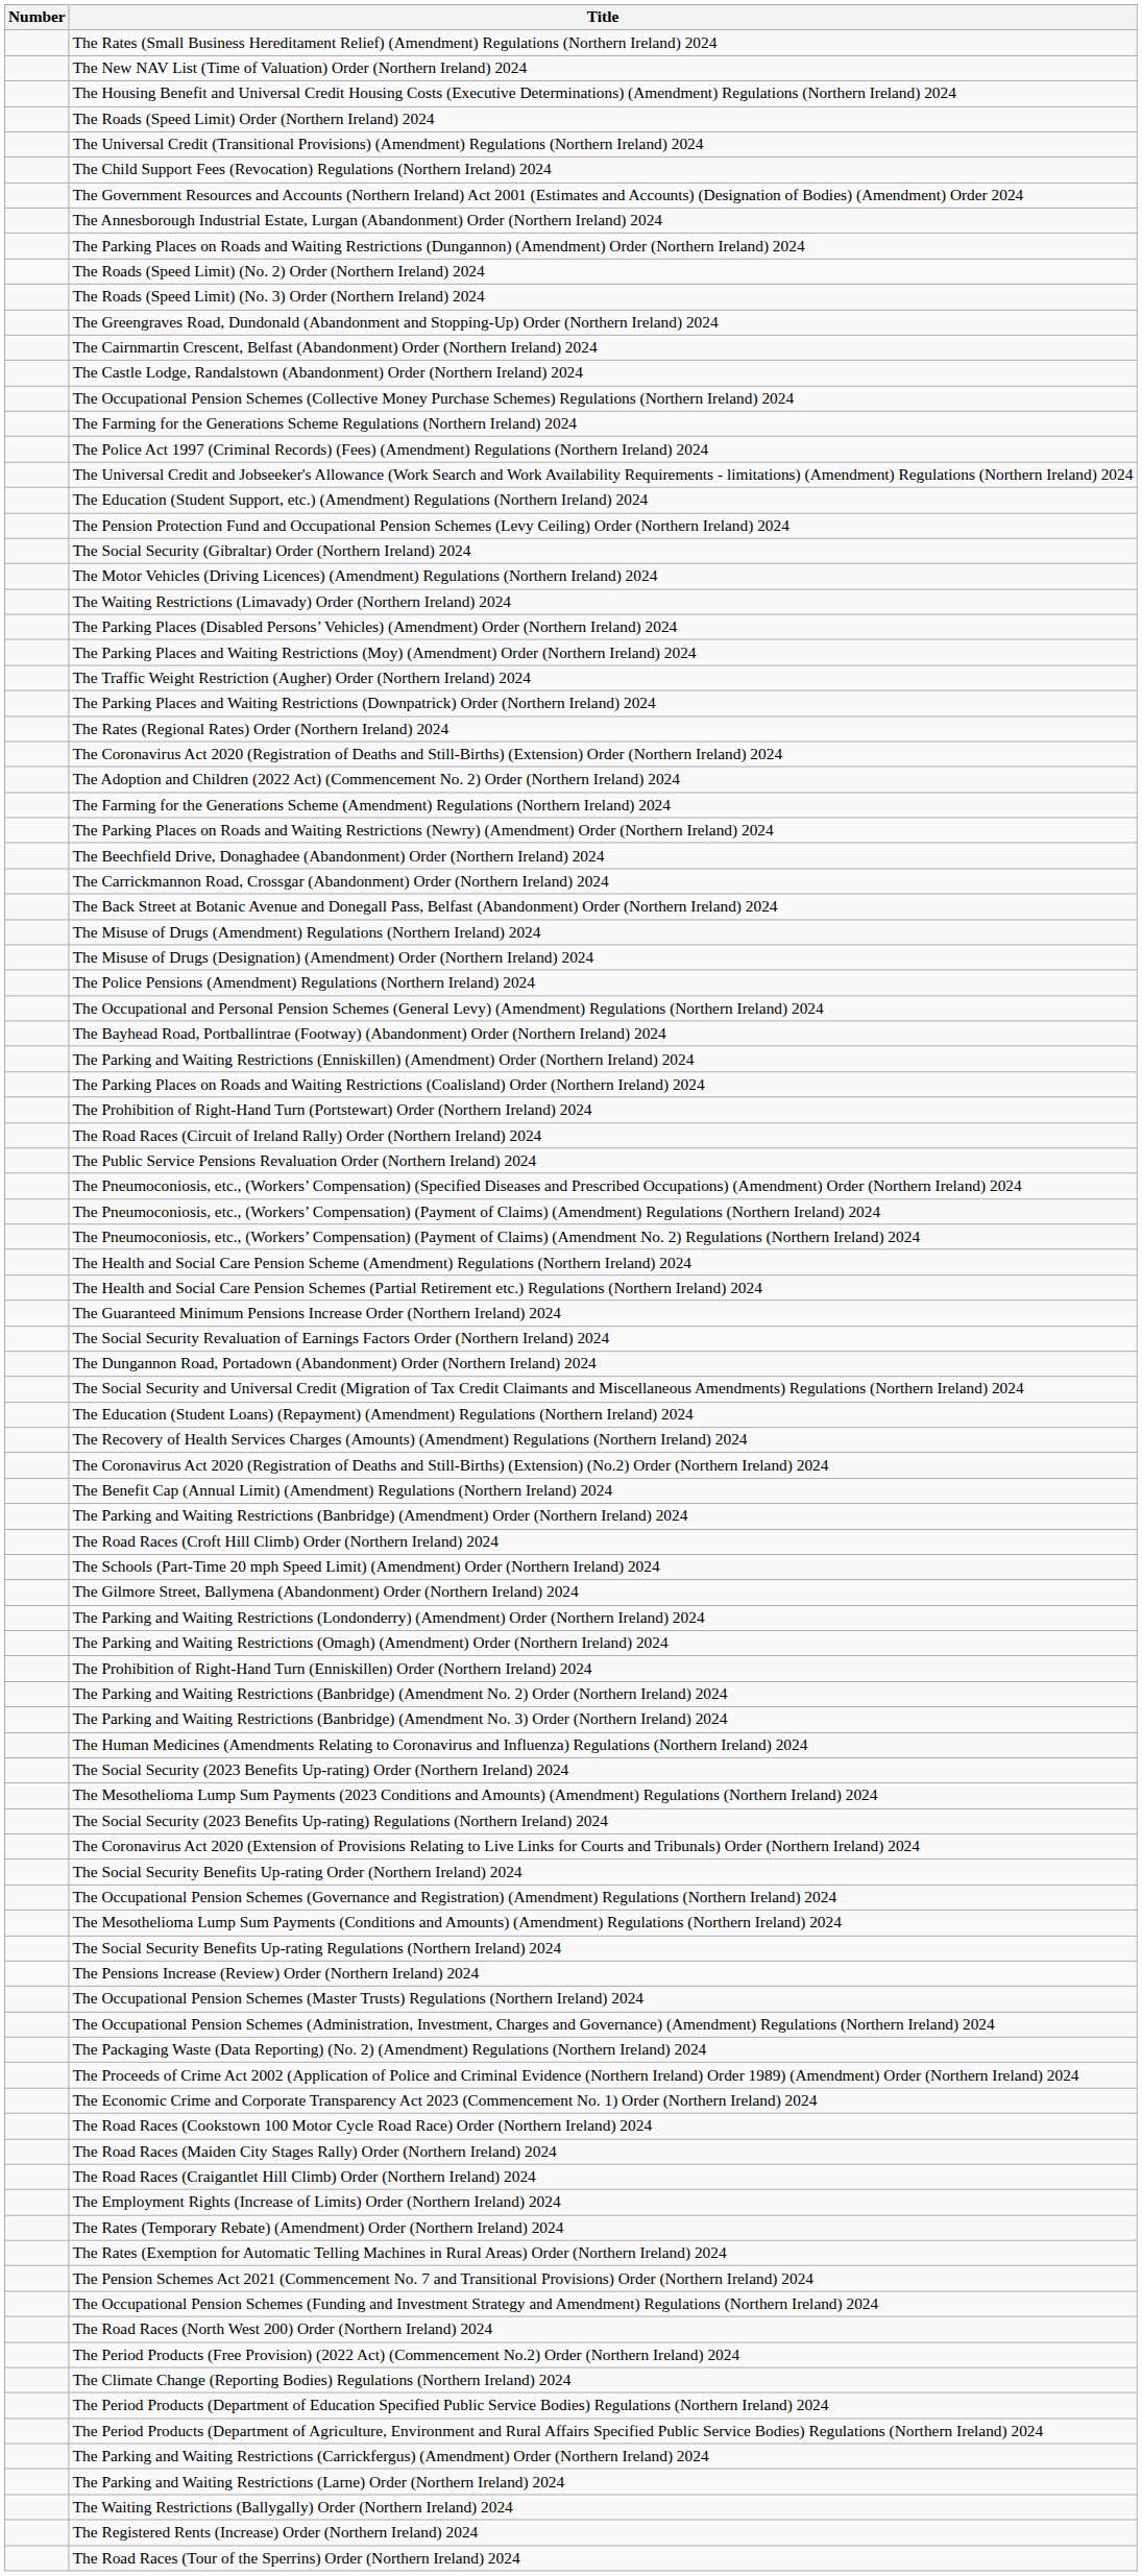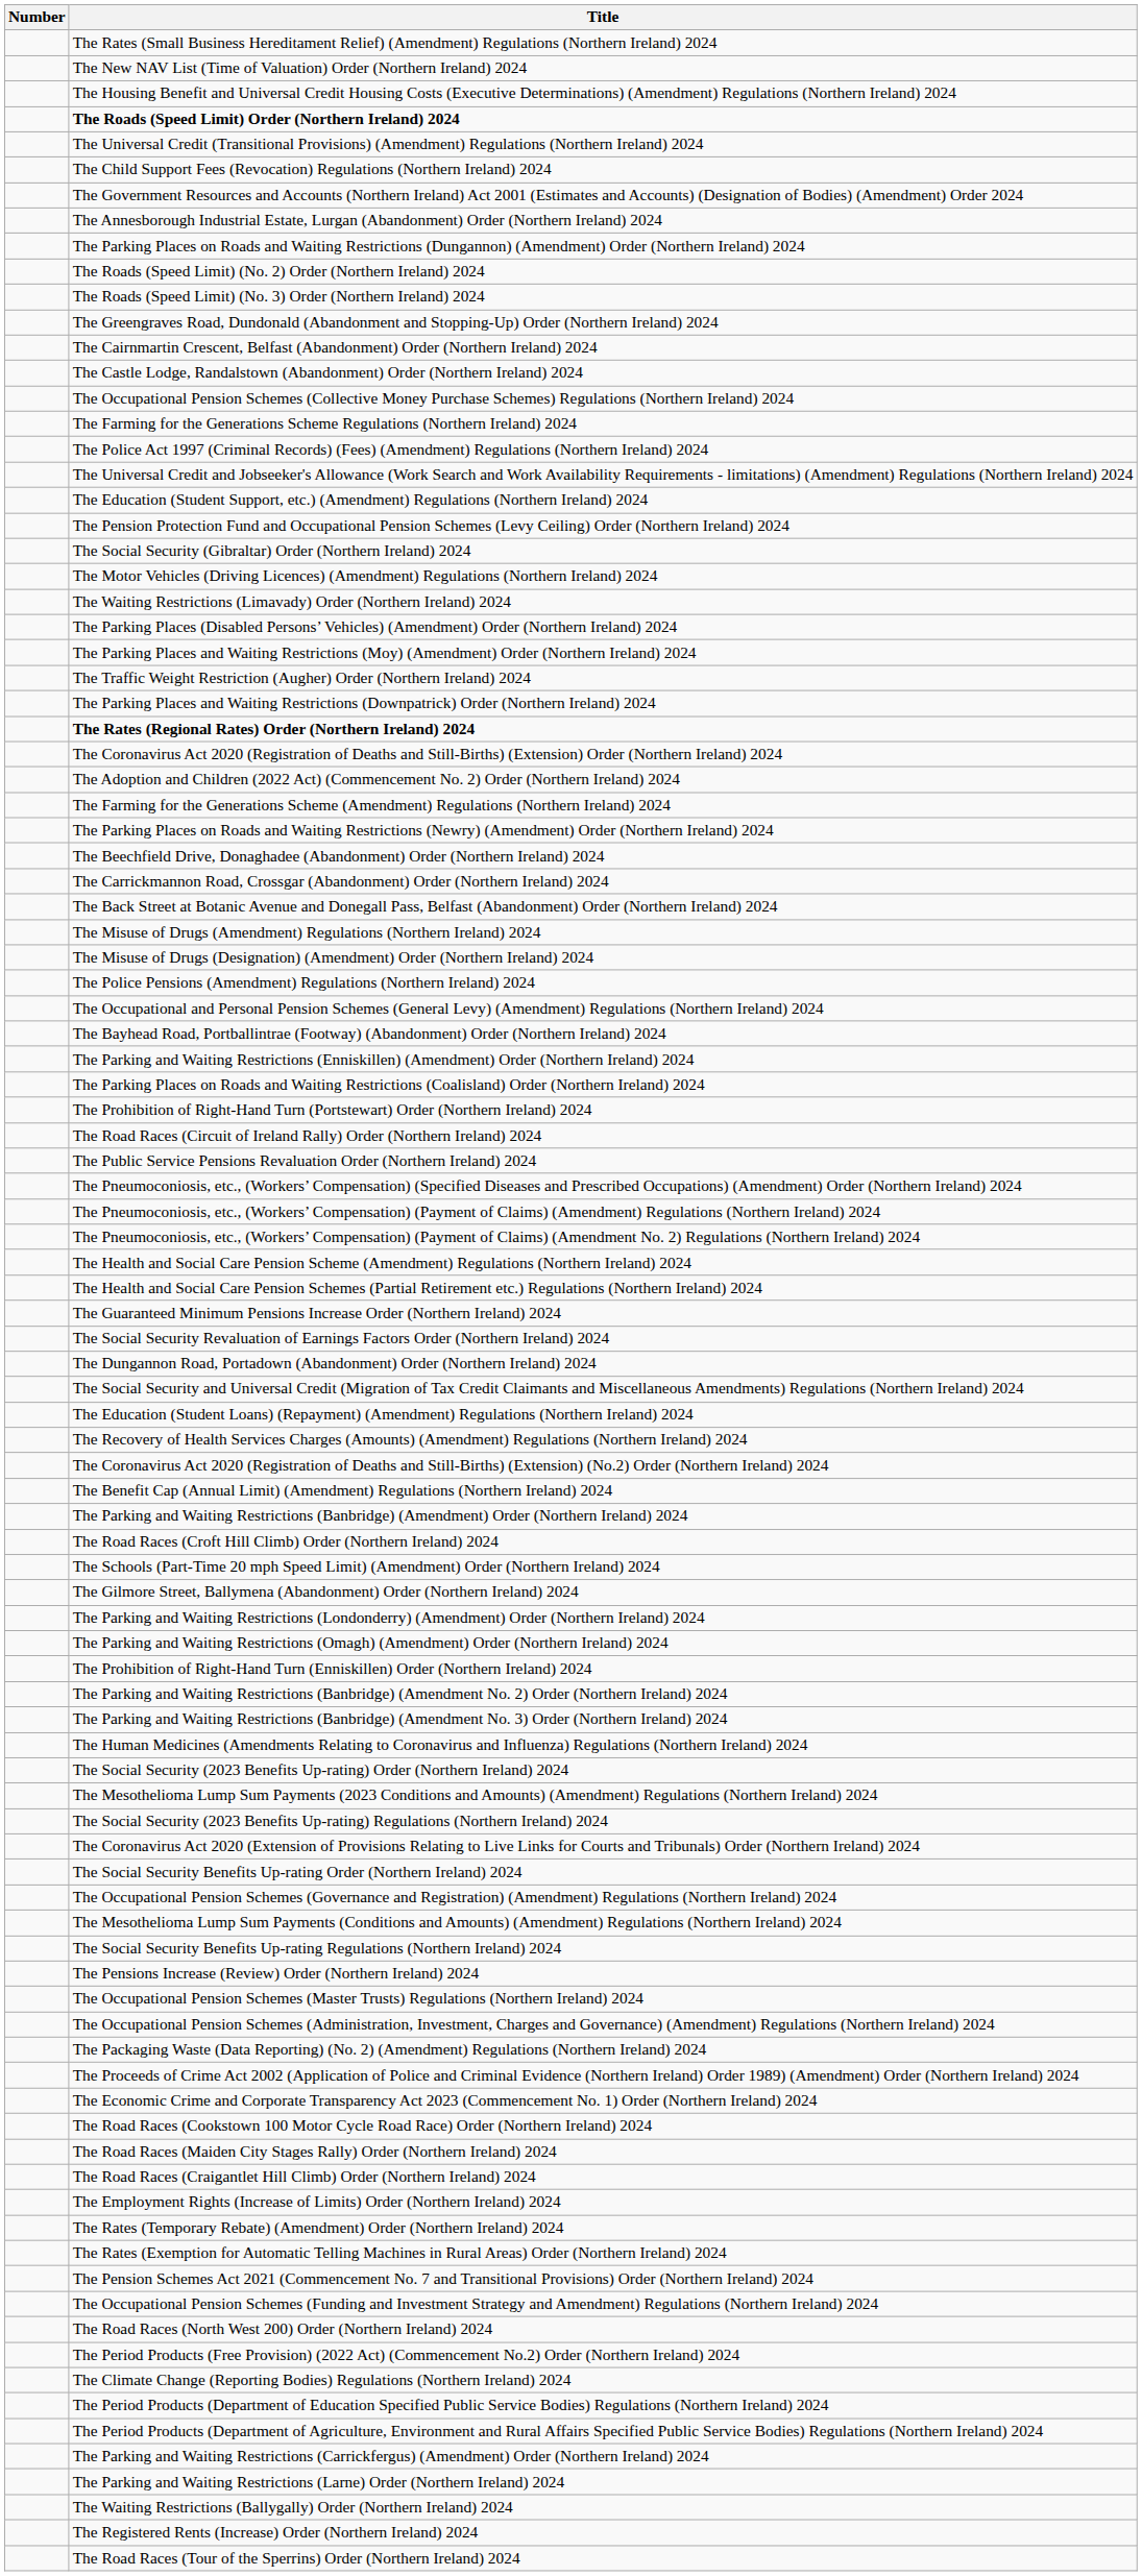 <table class="wikitable collapsible">
 <tr>
 <th>Number</th>
 <th>Title</th>
 </tr>
 <tr>
 <td></td>
 <td>The Rates (Small Business Hereditament Relief) (Amendment) Regulations (Northern Ireland) 2024</td>
 </tr>
 <tr>
 <td></td>
 <td>The New NAV List (Time of Valuation) Order (Northern Ireland) 2024</td>
 </tr>
 <tr>
 <td></td>
 <td>The Housing Benefit and Universal Credit Housing Costs (Executive Determinations) (Amendment) Regulations (Northern Ireland) 2024</td>
 </tr>
 <tr>
 <td></td>
-<td>The Roads (Speed Limit) Order (Northern Ireland) 2024</td>
+<td><strong>The Roads (Speed Limit) Order (Northern Ireland) 2024</strong></td>
 </tr>
 <tr>
 <td></td>
 <td>The Universal Credit (Transitional Provisions) (Amendment) Regulations (Northern Ireland) 2024</td>
 </tr>
 <tr>
 <td></td>
 <td>The Child Support Fees (Revocation) Regulations (Northern Ireland) 2024</td>
 </tr>
 <tr>
 <td></td>
 <td>The Government Resources and Accounts (Northern Ireland) Act 2001 (Estimates and Accounts) (Designation of Bodies) (Amendment) Order 2024</td>
 </tr>
 <tr>
 <td></td>
 <td>The Annesborough Industrial Estate, Lurgan (Abandonment) Order (Northern Ireland) 2024</td>
 </tr>
 <tr>
 <td></td>
 <td>The Parking Places on Roads and Waiting Restrictions (Dungannon) (Amendment) Order (Northern Ireland) 2024</td>
 </tr>
 <tr>
 <td></td>
 <td>The Roads (Speed Limit) (No. 2) Order (Northern Ireland) 2024</td>
 </tr>
 <tr>
 <td></td>
 <td>The Roads (Speed Limit) (No. 3) Order (Northern Ireland) 2024</td>
 </tr>
 <tr>
 <td></td>
 <td>The Greengraves Road, Dundonald (Abandonment and Stopping-Up) Order (Northern Ireland) 2024</td>
 </tr>
 <tr>
 <td></td>
 <td>The Cairnmartin Crescent, Belfast (Abandonment) Order (Northern Ireland) 2024</td>
 </tr>
 <tr>
 <td></td>
 <td>The Castle Lodge, Randalstown (Abandonment) Order (Northern Ireland) 2024</td>
 </tr>
 <tr>
 <td></td>
 <td>The Occupational Pension Schemes (Collective Money Purchase Schemes) Regulations (Northern Ireland) 2024</td>
 </tr>
 <tr>
 <td></td>
 <td>The Farming for the Generations Scheme Regulations (Northern Ireland) 2024</td>
 </tr>
 <tr>
 <td></td>
 <td>The Police Act 1997 (Criminal Records) (Fees) (Amendment) Regulations (Northern Ireland) 2024</td>
 </tr>
 <tr>
 <td></td>
 <td>The Universal Credit and Jobseeker's Allowance (Work Search and Work Availability Requirements - limitations) (Amendment) Regulations (Northern Ireland) 2024</td>
 </tr>
 <tr>
 <td></td>
 <td>The Education (Student Support, etc.) (Amendment) Regulations (Northern Ireland) 2024</td>
 </tr>
 <tr>
 <td></td>
 <td>The Pension Protection Fund and Occupational Pension Schemes (Levy Ceiling) Order (Northern Ireland) 2024</td>
 </tr>
 <tr>
 <td></td>
 <td>The Social Security (Gibraltar) Order (Northern Ireland) 2024</td>
 </tr>
 <tr>
 <td></td>
 <td>The Motor Vehicles (Driving Licences) (Amendment) Regulations (Northern Ireland) 2024</td>
 </tr>
 <tr>
 <td></td>
 <td>The Waiting Restrictions (Limavady) Order (Northern Ireland) 2024</td>
 </tr>
 <tr>
 <td></td>
 <td>The Parking Places (Disabled Persons’ Vehicles) (Amendment) Order (Northern Ireland) 2024</td>
 </tr>
 <tr>
 <td></td>
 <td>The Parking Places and Waiting Restrictions (Moy) (Amendment) Order (Northern Ireland) 2024</td>
 </tr>
 <tr>
 <td></td>
 <td>The Traffic Weight Restriction (Augher) Order (Northern Ireland) 2024</td>
 </tr>
 <tr>
 <td></td>
 <td>The Parking Places and Waiting Restrictions (Downpatrick) Order (Northern Ireland) 2024</td>
 </tr>
 <tr>
 <td></td>
-<td>The Rates (Regional Rates) Order (Northern Ireland) 2024</td>
+<td><strong>The Rates (Regional Rates) Order (Northern Ireland) 2024</strong></td>
 </tr>
 <tr>
 <td></td>
 <td>The Coronavirus Act 2020 (Registration of Deaths and Still-Births) (Extension) Order (Northern Ireland) 2024</td>
 </tr>
 <tr>
 <td></td>
 <td>The Adoption and Children (2022 Act) (Commencement No. 2) Order (Northern Ireland) 2024</td>
 </tr>
 <tr>
 <td></td>
 <td>The Farming for the Generations Scheme (Amendment) Regulations (Northern Ireland) 2024</td>
 </tr>
 <tr>
 <td></td>
 <td>The Parking Places on Roads and Waiting Restrictions (Newry) (Amendment) Order (Northern Ireland) 2024</td>
 </tr>
 <tr>
 <td></td>
 <td>The Beechfield Drive, Donaghadee (Abandonment) Order (Northern Ireland) 2024</td>
 </tr>
 <tr>
 <td></td>
 <td>The Carrickmannon Road, Crossgar (Abandonment) Order (Northern Ireland) 2024</td>
 </tr>
 <tr>
 <td></td>
 <td>The Back Street at Botanic Avenue and Donegall Pass, Belfast (Abandonment) Order (Northern Ireland) 2024</td>
 </tr>
 <tr>
 <td></td>
 <td>The Misuse of Drugs (Amendment) Regulations (Northern Ireland) 2024</td>
 </tr>
 <tr>
 <td></td>
 <td>The Misuse of Drugs (Designation) (Amendment) Order (Northern Ireland) 2024</td>
 </tr>
 <tr>
 <td></td>
 <td>The Police Pensions (Amendment) Regulations (Northern Ireland) 2024</td>
 </tr>
 <tr>
 <td></td>
 <td>The Occupational and Personal Pension Schemes (General Levy) (Amendment) Regulations (Northern Ireland) 2024</td>
 </tr>
 <tr>
 <td></td>
 <td>The Bayhead Road, Portballintrae (Footway) (Abandonment) Order (Northern Ireland) 2024</td>
 </tr>
 <tr>
 <td></td>
 <td>The Parking and Waiting Restrictions (Enniskillen) (Amendment) Order (Northern Ireland) 2024</td>
 </tr>
 <tr>
 <td></td>
 <td>The Parking Places on Roads and Waiting Restrictions (Coalisland) Order (Northern Ireland) 2024</td>
 </tr>
 <tr>
 <td></td>
 <td>The Prohibition of Right-Hand Turn (Portstewart) Order (Northern Ireland) 2024</td>
 </tr>
 <tr>
 <td></td>
 <td>The Road Races (Circuit of Ireland Rally) Order (Northern Ireland) 2024</td>
 </tr>
 <tr>
 <td></td>
 <td>The Public Service Pensions Revaluation Order (Northern Ireland) 2024</td>
 </tr>
 <tr>
 <td></td>
 <td>The Pneumoconiosis, etc., (Workers’ Compensation) (Specified Diseases and Prescribed Occupations) (Amendment) Order (Northern Ireland) 2024</td>
 </tr>
 <tr>
 <td></td>
 <td>The Pneumoconiosis, etc., (Workers’ Compensation) (Payment of Claims) (Amendment) Regulations (Northern Ireland) 2024</td>
 </tr>
 <tr>
 <td></td>
 <td>The Pneumoconiosis, etc., (Workers’ Compensation) (Payment of Claims) (Amendment No. 2) Regulations (Northern Ireland) 2024</td>
 </tr>
 <tr>
 <td></td>
 <td>The Health and Social Care Pension Scheme (Amendment) Regulations (Northern Ireland) 2024</td>
 </tr>
 <tr>
 <td></td>
 <td>The Health and Social Care Pension Schemes (Partial Retirement etc.) Regulations (Northern Ireland) 2024</td>
 </tr>
 <tr>
 <td></td>
 <td>The Guaranteed Minimum Pensions Increase Order (Northern Ireland) 2024</td>
 </tr>
 <tr>
 <td></td>
 <td>The Social Security Revaluation of Earnings Factors Order (Northern Ireland) 2024</td>
 </tr>
 <tr>
 <td></td>
 <td>The Dungannon Road, Portadown (Abandonment) Order (Northern Ireland) 2024</td>
 </tr>
 <tr>
 <td></td>
 <td>The Social Security and Universal Credit (Migration of Tax Credit Claimants and Miscellaneous Amendments) Regulations (Northern Ireland) 2024</td>
 </tr>
 <tr>
 <td></td>
 <td>The Education (Student Loans) (Repayment) (Amendment) Regulations (Northern Ireland) 2024</td>
 </tr>
 <tr>
 <td></td>
 <td>The Recovery of Health Services Charges (Amounts) (Amendment) Regulations (Northern Ireland) 2024</td>
 </tr>
 <tr>
 <td></td>
 <td>The Coronavirus Act 2020 (Registration of Deaths and Still-Births) (Extension) (No.2) Order (Northern Ireland) 2024</td>
 </tr>
 <tr>
 <td></td>
 <td>The Benefit Cap (Annual Limit) (Amendment) Regulations (Northern Ireland) 2024</td>
 </tr>
 <tr>
 <td></td>
 <td>The Parking and Waiting Restrictions (Banbridge) (Amendment) Order (Northern Ireland) 2024</td>
 </tr>
 <tr>
 <td></td>
 <td>The Road Races (Croft Hill Climb) Order (Northern Ireland) 2024</td>
 </tr>
 <tr>
 <td></td>
 <td>The Schools (Part-Time 20 mph Speed Limit) (Amendment) Order (Northern Ireland) 2024</td>
 </tr>
 <tr>
 <td></td>
 <td>The Gilmore Street, Ballymena (Abandonment) Order (Northern Ireland) 2024</td>
 </tr>
 <tr>
 <td></td>
 <td>The Parking and Waiting Restrictions (Londonderry) (Amendment) Order (Northern Ireland) 2024</td>
 </tr>
 <tr>
 <td></td>
 <td>The Parking and Waiting Restrictions (Omagh) (Amendment) Order (Northern Ireland) 2024</td>
 </tr>
 <tr>
 <td></td>
 <td>The Prohibition of Right-Hand Turn (Enniskillen) Order (Northern Ireland) 2024</td>
 </tr>
 <tr>
 <td></td>
 <td>The Parking and Waiting Restrictions (Banbridge) (Amendment No. 2) Order (Northern Ireland) 2024</td>
 </tr>
 <tr>
 <td></td>
 <td>The Parking and Waiting Restrictions (Banbridge) (Amendment No. 3) Order (Northern Ireland) 2024</td>
 </tr>
 <tr>
 <td></td>
 <td>The Human Medicines (Amendments Relating to Coronavirus and Influenza) Regulations (Northern Ireland) 2024</td>
 </tr>
 <tr>
 <td></td>
 <td>The Social Security (2023 Benefits Up-rating) Order (Northern Ireland) 2024</td>
 </tr>
 <tr>
 <td></td>
 <td>The Mesothelioma Lump Sum Payments (2023 Conditions and Amounts) (Amendment) Regulations (Northern Ireland) 2024</td>
 </tr>
 <tr>
 <td></td>
 <td>The Social Security (2023 Benefits Up-rating) Regulations (Northern Ireland) 2024</td>
 </tr>
 <tr>
 <td></td>
 <td>The Coronavirus Act 2020 (Extension of Provisions Relating to Live Links for Courts and Tribunals) Order (Northern Ireland) 2024</td>
 </tr>
 <tr>
 <td></td>
 <td>The Social Security Benefits Up-rating Order (Northern Ireland) 2024</td>
 </tr>
 <tr>
 <td></td>
 <td>The Occupational Pension Schemes (Governance and Registration) (Amendment) Regulations (Northern Ireland) 2024</td>
 </tr>
 <tr>
 <td></td>
 <td>The Mesothelioma Lump Sum Payments (Conditions and Amounts) (Amendment) Regulations (Northern Ireland) 2024</td>
 </tr>
 <tr>
 <td></td>
 <td>The Social Security Benefits Up-rating Regulations (Northern Ireland) 2024</td>
 </tr>
 <tr>
 <td></td>
 <td>The Pensions Increase (Review) Order (Northern Ireland) 2024</td>
 </tr>
 <tr>
 <td></td>
 <td>The Occupational Pension Schemes (Master Trusts) Regulations (Northern Ireland) 2024</td>
 </tr>
 <tr>
 <td></td>
 <td>The Occupational Pension Schemes (Administration, Investment, Charges and Governance) (Amendment) Regulations (Northern Ireland) 2024</td>
 </tr>
 <tr>
 <td></td>
 <td>The Packaging Waste (Data Reporting) (No. 2) (Amendment) Regulations (Northern Ireland) 2024</td>
 </tr>
 <tr>
 <td></td>
 <td>The Proceeds of Crime Act 2002 (Application of Police and Criminal Evidence (Northern Ireland) Order 1989) (Amendment) Order (Northern Ireland) 2024</td>
 </tr>
 <tr>
 <td></td>
 <td>The Economic Crime and Corporate Transparency Act 2023 (Commencement No. 1) Order (Northern Ireland) 2024</td>
 </tr>
 <tr>
 <td></td>
 <td>The Road Races (Cookstown 100 Motor Cycle Road Race) Order (Northern Ireland) 2024</td>
 </tr>
 <tr>
 <td></td>
 <td>The Road Races (Maiden City Stages Rally) Order (Northern Ireland) 2024</td>
 </tr>
 <tr>
 <td></td>
 <td>The Road Races (Craigantlet Hill Climb) Order (Northern Ireland) 2024</td>
 </tr>
 <tr>
 <td></td>
 <td>The Employment Rights (Increase of Limits) Order (Northern Ireland) 2024</td>
 </tr>
 <tr>
 <td></td>
 <td>The Rates (Temporary Rebate) (Amendment) Order (Northern Ireland) 2024</td>
 </tr>
 <tr>
 <td></td>
 <td>The Rates (Exemption for Automatic Telling Machines in Rural Areas) Order (Northern Ireland) 2024</td>
 </tr>
 <tr>
 <td></td>
 <td>The Pension Schemes Act 2021 (Commencement No. 7 and Transitional Provisions) Order (Northern Ireland) 2024</td>
 </tr>
 <tr>
 <td></td>
 <td>The Occupational Pension Schemes (Funding and Investment Strategy and Amendment) Regulations (Northern Ireland) 2024</td>
 </tr>
 <tr>
 <td></td>
 <td>The Road Races (North West 200) Order (Northern Ireland) 2024</td>
 </tr>
 <tr>
 <td></td>
 <td>The Period Products (Free Provision) (2022 Act) (Commencement No.2) Order (Northern Ireland) 2024</td>
 </tr>
 <tr>
 <td></td>
 <td>The Climate Change (Reporting Bodies) Regulations (Northern Ireland) 2024</td>
 </tr>
 <tr>
 <td></td>
 <td>The Period Products (Department of Education Specified Public Service Bodies) Regulations (Northern Ireland) 2024</td>
 </tr>
 <tr>
 <td></td>
 <td>The Period Products (Department of Agriculture, Environment and Rural Affairs Specified Public Service Bodies) Regulations (Northern Ireland) 2024</td>
 </tr>
 <tr>
 <td></td>
 <td>The Parking and Waiting Restrictions (Carrickfergus) (Amendment) Order (Northern Ireland) 2024</td>
 </tr>
 <tr>
 <td></td>
 <td>The Parking and Waiting Restrictions (Larne) Order (Northern Ireland) 2024</td>
 </tr>
 <tr>
 <td></td>
 <td>The Waiting Restrictions (Ballygally) Order (Northern Ireland) 2024</td>
 </tr>
 <tr>
 <td></td>
 <td>The Registered Rents (Increase) Order (Northern Ireland) 2024</td>
 </tr>
 <tr>
 <td></td>
 <td>The Road Races (Tour of the Sperrins) Order (Northern Ireland) 2024</td>
 </tr>
 </table>
